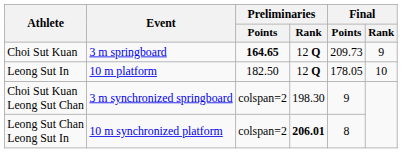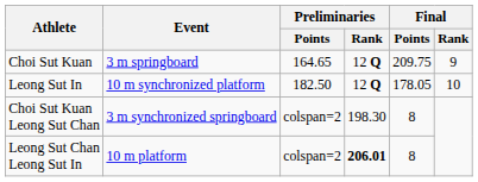 <table class=wikitable style=font-size:90%;text-align:center>
 <tr>
 <th rowspan="2">Athlete</th>
 <th rowspan="2">Event</th>
 <th colspan="2">Preliminaries</th>
 <th colspan="2">Final</th>
 </tr>
 <tr style="font-size:95%">
 <th>Points</th>
 <th>Rank</th>
 <th>Points</th>
 <th>Rank</th>
 </tr>
 <tr>
 <td align=left>Choi Sut Kuan</td>
 <td align=left><a href='#'>3 m springboard</a></td>
-<td><strong>164.65</strong></td>
+<td>164.65</td>
 <td>12 <strong>Q</strong></td>
-<td>209.73</td>
+<td>209.75</td>
 <td>9</td>
 </tr>
 <tr>
 <td align=left>Leong Sut In</td>
-<td align=left><a href='#'>10 m platform</a></td>
+<td align=left><a href='#'>10 m synchronized platform</a></td>
 <td>182.50</td>
 <td>12 <strong>Q</strong></td>
 <td>178.05</td>
 <td>10</td>
 </tr>
 <tr>
 <td align=left>Choi Sut Kuan<br>Leong Sut Chan</td>
 <td align=left><a href='#'>3 m synchronized springboard</a></td>
 <td>colspan=2 </td>
 <td>198.30</td>
-<td>9</td>
+<td>8</td>
 </tr>
 <tr>
 <td align=left>Leong Sut Chan<br>Leong Sut In</td>
-<td align=left><a href='#'>10 m synchronized platform</a></td>
+<td align=left><a href='#'>10 m platform</a></td>
 <td>colspan=2 </td>
 <td><strong>206.01</strong></td>
 <td>8</td>
 </tr>
 </table>
